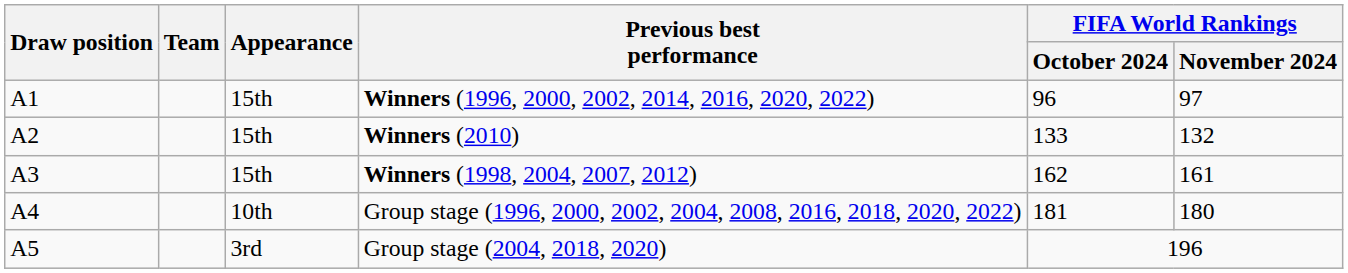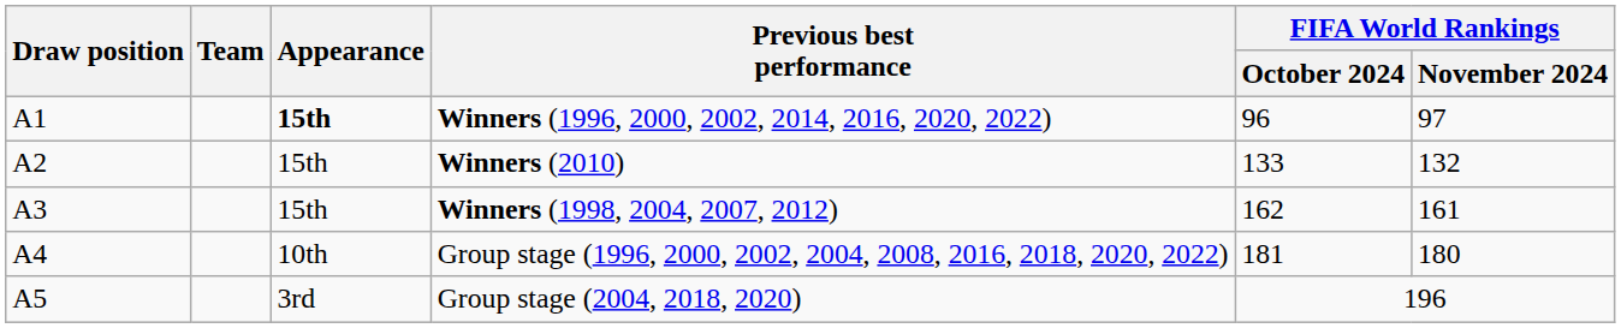 <table class="wikitable" style="text-align:left;">
 <tr>
 <th rowspan=2>Draw position</th>
 <th rowspan=2>Team</th>
 <th rowspan=2>Appearance</th>
 <th rowspan=2>Previous best<br>performance</th>
 <th colspan=2><a href='#'>FIFA World Rankings</a></th>
 </tr>
 <tr>
 <th>October 2024</th>
 <th>November 2024</th>
 </tr>
 <tr>
 <td>A1</td>
 <td style=white-space:nowrap></td>
-<td data-sort-value="37">15th</td>
+<td data-sort-value="37"><strong>15th</strong></td>
 <td data-sort-value="6.04"><strong>Winners</strong> (<a href='#'>1996</a>, <a href='#'>2000</a>, <a href='#'>2002</a>, <a href='#'>2014</a>, <a href='#'>2016</a>, <a href='#'>2020</a>, <a href='#'>2022</a>)</td>
 <td>96</td>
 <td>97</td>
 </tr>
 <tr>
 <td>A2</td>
 <td style=white-space:nowrap></td>
 <td data-sort-value="37">15th</td>
 <td data-sort-value="6.04"><strong>Winners</strong> (<a href='#'>2010</a>)</td>
 <td>133</td>
 <td>132</td>
 </tr>
 <tr>
 <td>A3</td>
 <td style=white-space:nowrap></td>
 <td data-sort-value="37">15th</td>
 <td data-sort-value="6.04"><strong>Winners</strong> (<a href='#'>1998</a>, <a href='#'>2004</a>, <a href='#'>2007</a>, <a href='#'>2012</a>)</td>
 <td>162</td>
 <td>161</td>
 </tr>
 <tr>
 <td>A4</td>
 <td style=white-space:nowrap></td>
 <td data-sort-value="37">10th</td>
 <td data-sort-value="6.04">Group stage (<a href='#'>1996</a>, <a href='#'>2000</a>, <a href='#'>2002</a>, <a href='#'>2004</a>, <a href='#'>2008</a>, <a href='#'>2016</a>, <a href='#'>2018</a>, <a href='#'>2020</a>, <a href='#'>2022</a>)</td>
 <td>181</td>
 <td>180</td>
 </tr>
 <tr>
 <td>A5</td>
 <td style=white-space:nowrap></td>
 <td data-sort-value="37">3rd</td>
 <td data-sort-value="6.04">Group stage (<a href='#'>2004</a>, <a href='#'>2018</a>, <a href='#'>2020</a>)</td>
 <td colspan="2" align="center">196</td>
 </tr>
 </table>
